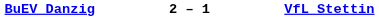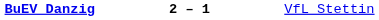 <table width=100% cellspacing=1>
 <tr>
 <th width=25%></th>
 <th width=10%></th>
 <th width=25%></th>
 <th></th>
 </tr>
 <tr style=font-size:90%>
 <td align=right><strong><a href='#'>BuEV Danzig</a></strong></td>
 <td align=center><strong>2 – 1</strong></td>
-<td><strong><a href='#'>VfL Stettin</a></strong></td>
+<td><a href='#'>VfL Stettin</a></td>
 </tr>
 </table>
